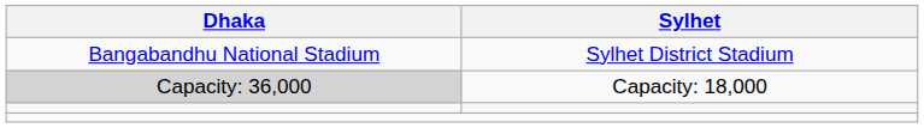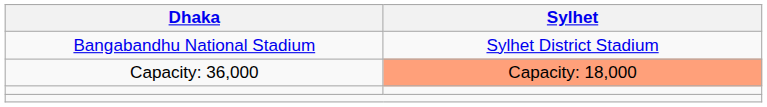 <table class="wikitable" style="text-align:center; margin:1em auto;">
 <tr>
 <th width="33%"><a href='#'>Dhaka</a></th>
 <th width="33%"><a href='#'>Sylhet</a></th>
 </tr>
 <tr>
 <td><a href='#'>Bangabandhu National Stadium</a></td>
 <td><a href='#'>Sylhet District Stadium</a></td>
 </tr>
 <tr>
-<td style="background: lightgrey;">Capacity: 36,000</td>
-<td>Capacity: 18,000</td>
+<td>Capacity: 36,000</td>
+<td style="background: lightsalmon;">Capacity: 18,000</td>
 </tr>
 <tr>
 <td></td>
 <td></td>
 </tr>
 <tr>
 <td colspan="3"></td>
 </tr>
 </table>
